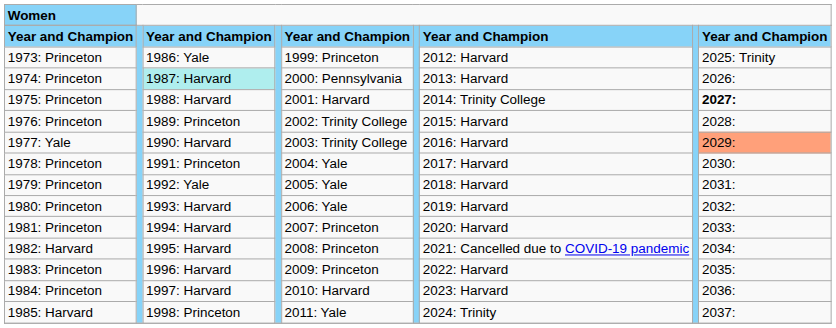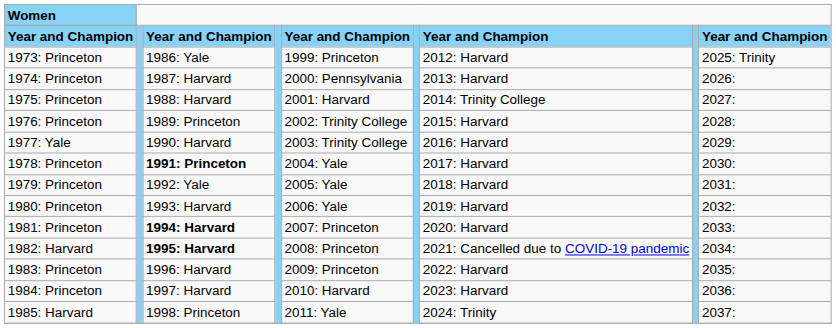 <table class="wikitable" style="font-size:85%;">
 <tr ! style="background-color: #87D3F8;">
 <td><strong>Women</strong></td>
 </tr>
 <tr --->
 </tr>
 <tr ! style="background-color: #87D3F8;">
 <td><strong>Year and Champion</strong></td>
 <td rowspan=14></td>
 <td><strong>Year and Champion</strong></td>
 <td rowspan=14></td>
 <td><strong>Year and Champion</strong></td>
 <td rowspan=14></td>
 <td><strong>Year and Champion</strong></td>
 <td rowspan=14></td>
 <td><strong>Year and Champion</strong></td>
 </tr>
 <tr --->
 <td>1973: Princeton</td>
 <td>1986: Yale</td>
 <td>1999: Princeton</td>
 <td>2012: Harvard</td>
 <td>2025: Trinity</td>
 </tr>
 <tr --->
 <td>1974: Princeton</td>
-<td style="background: paleturquoise;">1987: Harvard</td>
+<td>1987: Harvard</td>
 <td>2000: Pennsylvania</td>
 <td>2013: Harvard</td>
 <td>2026:</td>
 </tr>
 <tr --->
 <td>1975: Princeton</td>
 <td>1988: Harvard</td>
 <td>2001: Harvard</td>
 <td>2014: Trinity College</td>
-<td><strong>2027:</strong></td>
+<td>2027:</td>
 </tr>
 <tr --->
 <td>1976: Princeton</td>
 <td>1989: Princeton</td>
 <td>2002: Trinity College</td>
 <td>2015: Harvard</td>
 <td>2028:</td>
 </tr>
 <tr --->
 <td>1977: Yale</td>
 <td>1990: Harvard</td>
 <td>2003: Trinity College</td>
 <td>2016: Harvard</td>
-<td style="background: lightsalmon;">2029:</td>
+<td>2029:</td>
 </tr>
 <tr --->
 <td>1978: Princeton</td>
-<td>1991: Princeton</td>
+<td><strong>1991: Princeton</strong></td>
 <td>2004: Yale</td>
 <td>2017: Harvard</td>
 <td>2030:</td>
 </tr>
 <tr --->
 <td>1979: Princeton</td>
 <td>1992: Yale</td>
 <td>2005: Yale</td>
 <td>2018: Harvard</td>
 <td>2031:</td>
 </tr>
 <tr --->
 <td>1980: Princeton</td>
 <td>1993: Harvard</td>
 <td>2006: Yale</td>
 <td>2019: Harvard</td>
 <td>2032:</td>
 </tr>
 <tr --->
 <td>1981: Princeton</td>
-<td>1994: Harvard</td>
+<td><strong>1994: Harvard</strong></td>
 <td>2007: Princeton</td>
 <td>2020: Harvard</td>
 <td>2033:</td>
 </tr>
 <tr --->
 <td>1982: Harvard</td>
-<td>1995: Harvard</td>
+<td><strong>1995: Harvard</strong></td>
 <td>2008: Princeton</td>
 <td>2021: Cancelled due to <a href='#'>COVID-19 pandemic</a></td>
 <td>2034:</td>
 </tr>
 <tr --->
 <td>1983: Princeton</td>
 <td>1996: Harvard</td>
 <td>2009: Princeton</td>
 <td>2022: Harvard</td>
 <td>2035:</td>
 </tr>
 <tr --->
 <td>1984: Princeton</td>
 <td>1997: Harvard</td>
 <td>2010: Harvard</td>
 <td>2023: Harvard</td>
 <td>2036:</td>
 </tr>
 <tr --->
 <td>1985: Harvard</td>
 <td>1998: Princeton</td>
 <td>2011: Yale</td>
 <td>2024: Trinity</td>
 <td>2037:</td>
 </tr>
 <tr --->
 </tr>
 </table>
